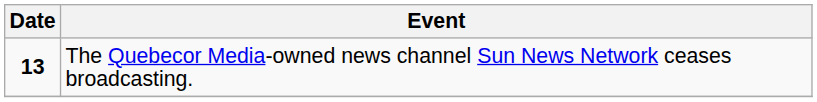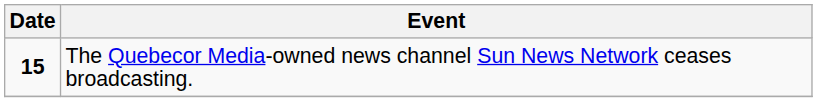 <table class="wikitable">
 <tr>
 <th>Date</th>
 <th>Event</th>
 </tr>
 <tr>
-<td style="text-align:center;"><strong>13</strong></td>
+<td style="text-align:center;"><strong>15</strong></td>
 <td>The <a href='#'>Quebecor Media</a>-owned news channel <a href='#'>Sun News Network</a> ceases broadcasting.</td>
 </tr>
 <tr>
 </tr>
 </table>
